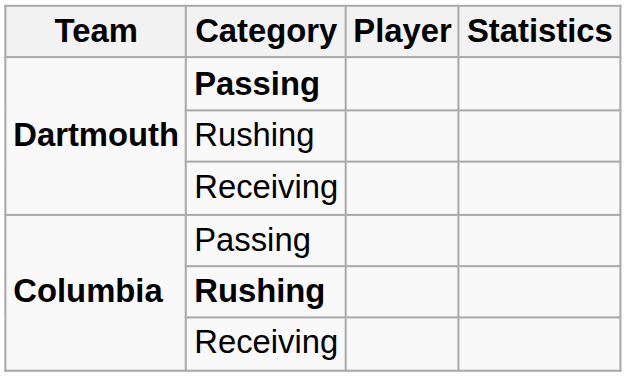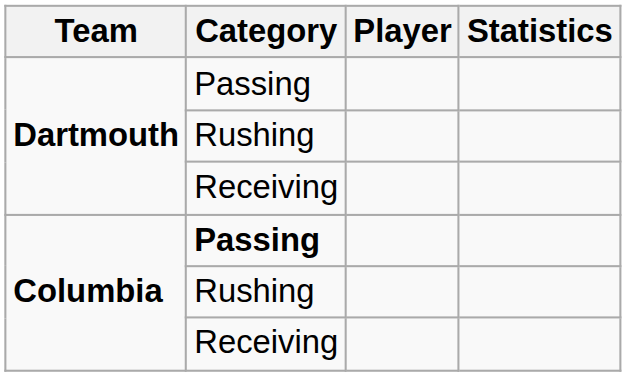 <table class="wikitable" style="float: right;">
 <tr>
 <th>Team</th>
 <th>Category</th>
 <th>Player</th>
 <th>Statistics</th>
 </tr>
 <tr>
 <td rowspan=3><strong>Dartmouth</strong></td>
-<td><strong>Passing</strong></td>
+<td>Passing</td>
 <td></td>
 <td></td>
 </tr>
 <tr>
 <td>Rushing</td>
 <td></td>
 <td></td>
 </tr>
 <tr>
 <td>Receiving</td>
 <td></td>
 <td></td>
 </tr>
 <tr>
 <td rowspan=3><strong>Columbia</strong></td>
-<td>Passing</td>
+<td><strong>Passing</strong></td>
 <td></td>
 <td></td>
 </tr>
 <tr>
-<td><strong>Rushing</strong></td>
+<td>Rushing</td>
 <td></td>
 <td></td>
 </tr>
 <tr>
 <td>Receiving</td>
 <td></td>
 <td></td>
 </tr>
 </table>
